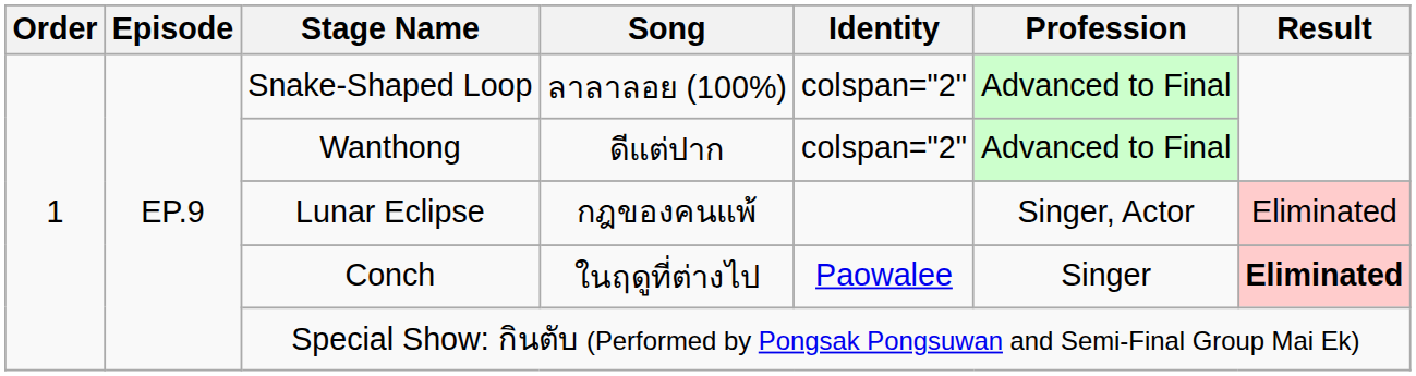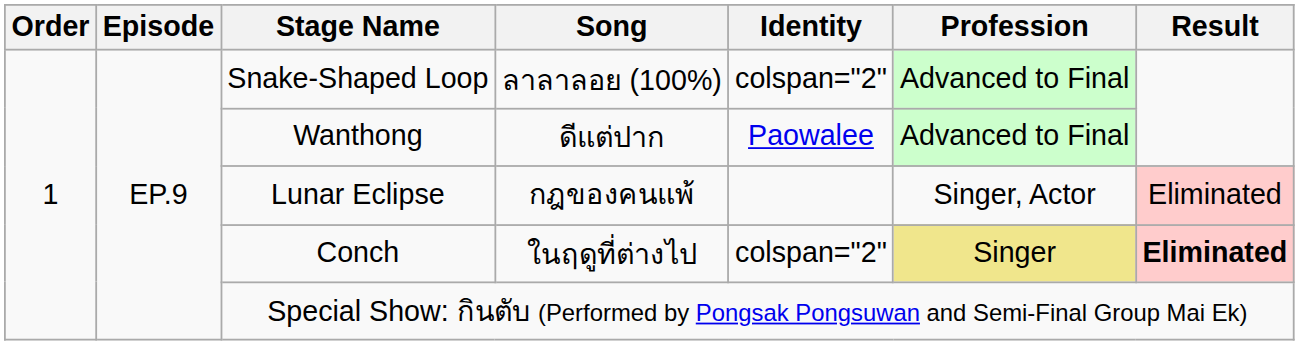 <table class="wikitable" style="text-align:center">
 <tr>
 <th>Order</th>
 <th>Episode</th>
 <th>Stage Name</th>
 <th>Song</th>
 <th>Identity</th>
 <th>Profession</th>
 <th>Result</th>
 </tr>
 <tr>
 <td rowspan="5">1</td>
 <td rowspan="5">EP.9</td>
 <td>Snake-Shaped Loop</td>
 <td>ลาลาลอย (100%)</td>
 <td>colspan="2"  </td>
 <td style="text-align:center; background:#ccffcc;">Advanced to Final</td>
 </tr>
 <tr>
 <td>Wanthong</td>
 <td>ดีแต่ปาก</td>
-<td>colspan="2"  </td>
+<td><a href='#'>Paowalee</a></td>
 <td style="text-align:center; background:#ccffcc;">Advanced to Final</td>
 </tr>
 <tr>
 <td>Lunar Eclipse</td>
 <td>กฎของคนแพ้</td>
 <td></td>
 <td>Singer, Actor</td>
 <td style="text-align:center; background:#ffcccc;">Eliminated</td>
 </tr>
 <tr>
 <td>Conch</td>
 <td>ในฤดูที่ต่างไป</td>
-<td><a href='#'>Paowalee</a></td>
-<td>Singer</td>
+<td>colspan="2"  </td>
+<td style="background: khaki;">Singer</td>
 <td style="text-align:center; background:#ffcccc;"><strong>Eliminated</strong></td>
 </tr>
 <tr>
 <td colspan="5">Special Show: กินตับ <small>(Performed by <a href='#'>Pongsak Pongsuwan</a> and Semi-Final Group Mai Ek)</small></td>
 </tr>
 </table>
